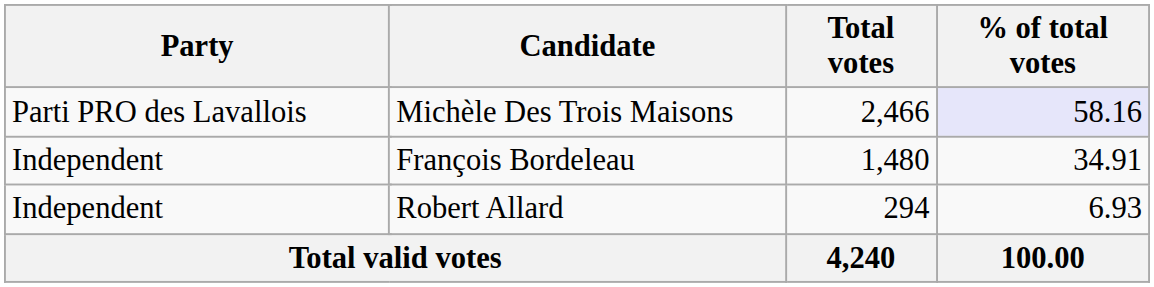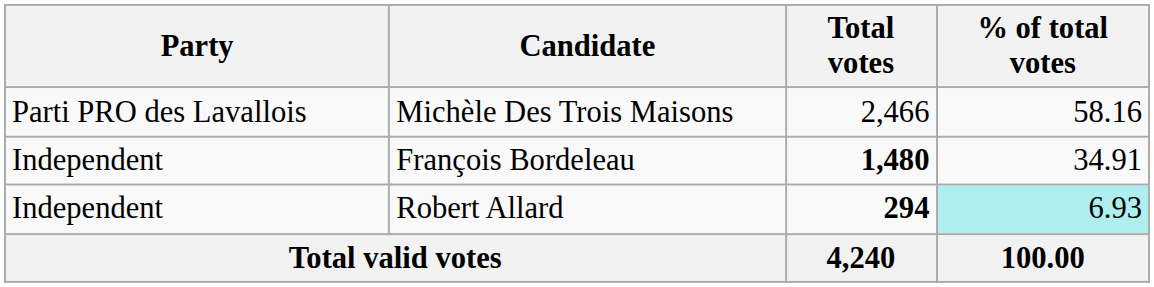 <table style="width:600px;" class="wikitable">
 <tr style="background-color:#E9E9E9">
 <th colspan="2" style="width: 200px">Party</th>
 <th colspan="1" style="width: 200px">Candidate</th>
 <th align="right">Total votes</th>
 <th align="right">% of total votes</th>
 </tr>
 <tr>
 <td colspan="2" align="left">Parti PRO des Lavallois</td>
 <td align="left">Michèle Des Trois Maisons</td>
 <td align="right">2,466</td>
-<td align="right" style="background: lavender;">58.16</td>
+<td align="right">58.16</td>
 </tr>
 <tr>
 <td colspan="2" align="left">Independent</td>
 <td align="left">François Bordeleau</td>
-<td align="right">1,480</td>
+<td align="right"><strong>1,480</strong></td>
 <td align="right">34.91</td>
 </tr>
 <tr>
 <td colspan="2" align="left">Independent</td>
 <td align="left">Robert Allard</td>
-<td align="right">294</td>
-<td align="right">6.93</td>
+<td align="right"><strong>294</strong></td>
+<td align="right" style="background: paleturquoise;">6.93</td>
 </tr>
 <tr bgcolor="#EEEEEE">
 <th colspan="3"  align="left">Total valid votes</th>
 <th align="right">4,240</th>
 <th align="right">100.00</th>
 </tr>
 </table>
